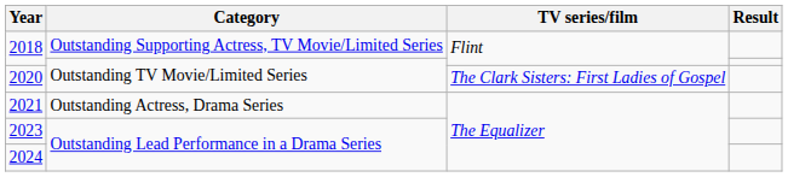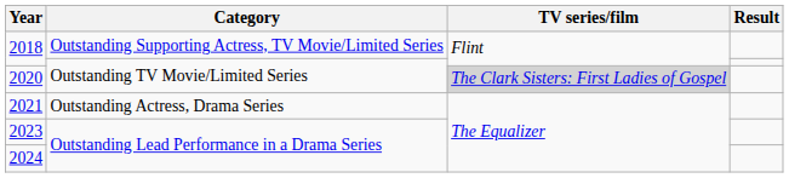 <table class="wikitable">
 <tr>
 <th>Year</th>
 <th>Category</th>
 <th>TV series/film</th>
 <th>Result</th>
 </tr>
 <tr>
 <td rowspan="2"><a href='#'>2018</a></td>
 <td><a href='#'>Outstanding Supporting Actress, TV Movie/Limited Series</a></td>
 <td rowspan="2"><em>Flint</em></td>
 <td></td>
 </tr>
 <tr>
 <td rowspan="2">Outstanding TV Movie/Limited Series</td>
 <td></td>
 </tr>
 <tr>
 <td rowspan="1"><a href='#'>2020</a></td>
-<td rowspan="1"><em><a href='#'>The Clark Sisters: First Ladies of Gospel</a></em></td>
+<td rowspan="1" style="background: lightgrey;"><em><a href='#'>The Clark Sisters: First Ladies of Gospel</a></em></td>
 <td></td>
 </tr>
 <tr>
 <td rowspan="1"><a href='#'>2021</a></td>
 <td>Outstanding Actress, Drama Series</td>
 <td rowspan="3"><em><a href='#'>The Equalizer</a></em></td>
 <td></td>
 </tr>
 <tr>
 <td><a href='#'>2023</a></td>
 <td rowspan="2"><a href='#'>Outstanding Lead Performance in a Drama Series</a></td>
 <td></td>
 </tr>
 <tr>
 <td><a href='#'>2024</a></td>
 <td></td>
 </tr>
 </table>
